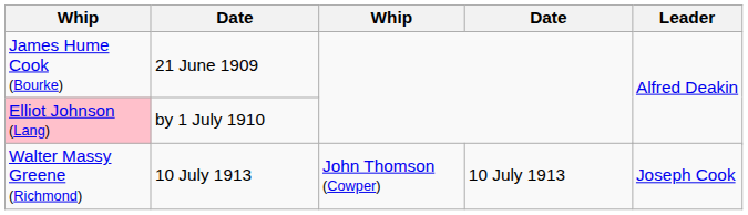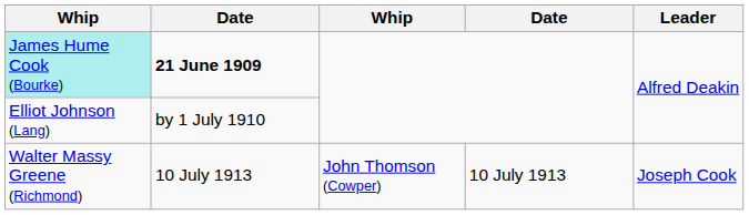 <table class=wikitable>
 <tr>
 <th width=130px>Whip</th>
 <th width=150px>Date</th>
 <th width=130px>Whip</th>
 <th width=150px>Date</th>
 <th>Leader</th>
 </tr>
 <tr>
-<td><a href='#'>James Hume Cook</a><br><small>(<a href='#'>Bourke</a>)</small></td>
-<td>21 June 1909</td>
+<td style="background: paleturquoise;"><a href='#'>James Hume Cook</a><br><small>(<a href='#'>Bourke</a>)</small></td>
+<td><strong>21 June 1909</strong></td>
 <td rowspan=2 colspan=2></td>
 <td rowspan=3 height=95px><a href='#'>Alfred Deakin</a></td>
 </tr>
 <tr>
-<td style="background: pink;"><a href='#'>Elliot Johnson</a><br><small>(<a href='#'>Lang</a>)</small></td>
+<td><a href='#'>Elliot Johnson</a><br><small>(<a href='#'>Lang</a>)</small></td>
 <td>by 1 July 1910</td>
 </tr>
 <tr>
 <td rowspan=2><a href='#'>Walter Massy Greene</a><br><small>(<a href='#'>Richmond</a>)</small></td>
 <td rowspan=2>10 July 1913</td>
 <td rowspan=2><a href='#'>John Thomson</a><br><small>(<a href='#'>Cowper</a>)</small></td>
 <td rowspan=2>10 July 1913</td>
 </tr>
 <tr>
 <td><a href='#'>Joseph Cook</a></td>
 </tr>
 </table>
